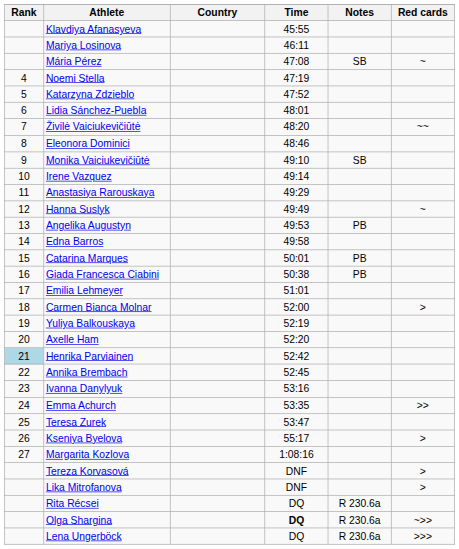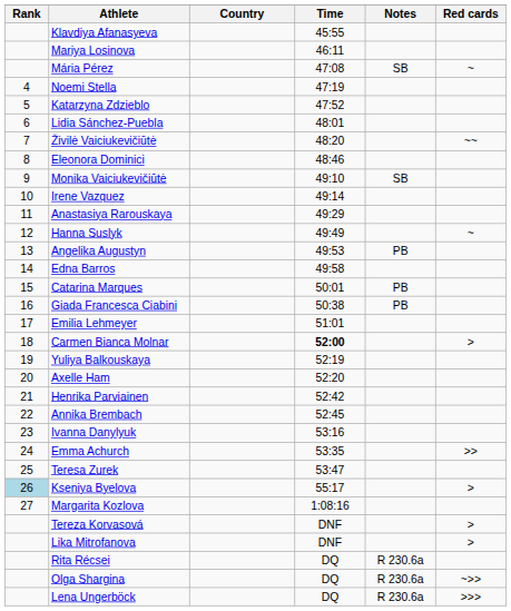 <table class="wikitable sortable" style=" text-align:center; font-size:95%;" width="75%">
 <tr>
 </tr>
 <tr>
 <th width=5%>Rank</th>
 <th width=20%>Athlete</th>
 <th width=15%>Country</th>
 <th width=10%>Time</th>
 <th width=10%>Notes</th>
 <th width=10%>Red cards</th>
 </tr>
 <tr>
 <td align=center></td>
 <td align=left><a href='#'>Klavdiya Afanasyeva</a></td>
 <td align=left></td>
 <td>45:55</td>
 <td></td>
 <td></td>
 </tr>
 <tr>
 <td align=center></td>
 <td align=left><a href='#'>Mariya Losinova</a></td>
 <td align=left></td>
 <td>46:11</td>
 <td></td>
 <td></td>
 </tr>
 <tr>
 <td align=center></td>
 <td align=left><a href='#'>Mária Pérez</a></td>
 <td align=left></td>
 <td>47:08</td>
 <td>SB</td>
 <td>~</td>
 </tr>
 <tr>
 <td align=center>4</td>
 <td align=left><a href='#'>Noemi Stella</a></td>
 <td align=left></td>
 <td>47:19</td>
 <td></td>
 <td></td>
 </tr>
 <tr>
 <td align=center>5</td>
 <td align=left><a href='#'>Katarzyna Zdzieblo</a></td>
 <td align=left></td>
 <td>47:52</td>
 <td></td>
 <td></td>
 </tr>
 <tr>
 <td align=center>6</td>
 <td align=left><a href='#'>Lidia Sánchez-Puebla</a></td>
 <td align=left></td>
 <td>48:01</td>
 <td></td>
 <td></td>
 </tr>
 <tr>
 <td align=center>7</td>
 <td align=left><a href='#'>Živilė Vaiciukevičiūtė</a></td>
 <td align=left></td>
 <td>48:20</td>
 <td></td>
 <td>~~</td>
 </tr>
 <tr>
 <td align=center>8</td>
 <td align=left><a href='#'>Eleonora Dominici</a></td>
 <td align=left></td>
 <td>48:46</td>
 <td></td>
 <td></td>
 </tr>
 <tr>
 <td align=center>9</td>
 <td align=left><a href='#'>Monika Vaiciukevičiūtė</a></td>
 <td align=left></td>
 <td>49:10</td>
 <td>SB</td>
 <td></td>
 </tr>
 <tr>
 <td align=center>10</td>
 <td align=left><a href='#'>Irene Vazquez</a></td>
 <td align=left></td>
 <td>49:14</td>
 <td></td>
 <td></td>
 </tr>
 <tr>
 <td align=center>11</td>
 <td align=left><a href='#'>Anastasiya Rarouskaya</a></td>
 <td align=left></td>
 <td>49:29</td>
 <td></td>
 <td></td>
 </tr>
 <tr>
 <td align=center>12</td>
 <td align=left><a href='#'>Hanna Suslyk</a></td>
 <td align=left></td>
 <td>49:49</td>
 <td></td>
 <td>~</td>
 </tr>
 <tr>
 <td align=center>13</td>
 <td align=left><a href='#'>Angelika Augustyn</a></td>
 <td align=left></td>
 <td>49:53</td>
 <td>PB</td>
 <td></td>
 </tr>
 <tr>
 <td align=center>14</td>
 <td align=left><a href='#'>Edna Barros</a></td>
 <td align=left></td>
 <td>49:58</td>
 <td></td>
 <td></td>
 </tr>
 <tr>
 <td align=center>15</td>
 <td align=left><a href='#'>Catarina Marques</a></td>
 <td align=left></td>
 <td>50:01</td>
 <td>PB</td>
 <td></td>
 </tr>
 <tr>
 <td align=center>16</td>
 <td align=left><a href='#'>Giada Francesca Ciabini</a></td>
 <td align=left></td>
 <td>50:38</td>
 <td>PB</td>
 <td></td>
 </tr>
 <tr>
 <td align=center>17</td>
 <td align=left><a href='#'>Emilia Lehmeyer</a></td>
 <td align=left></td>
 <td>51:01</td>
 <td></td>
 <td></td>
 </tr>
 <tr>
 <td align=center>18</td>
 <td align=left><a href='#'>Carmen Bianca Molnar</a></td>
 <td align=left></td>
-<td>52:00</td>
+<td><strong>52:00</strong></td>
 <td></td>
 <td>></td>
 </tr>
 <tr>
 <td align=center>19</td>
 <td align=left><a href='#'>Yuliya Balkouskaya</a></td>
 <td align=left></td>
 <td>52:19</td>
 <td></td>
 <td></td>
 </tr>
 <tr>
 <td align=center>20</td>
 <td align=left><a href='#'>Axelle Ham</a></td>
 <td align=left></td>
 <td>52:20</td>
 <td></td>
 <td></td>
 </tr>
 <tr>
-<td align=center style="background: lightblue;">21</td>
+<td align=center>21</td>
 <td align=left><a href='#'>Henrika Parviainen</a></td>
 <td align=left></td>
 <td>52:42</td>
 <td></td>
 <td></td>
 </tr>
 <tr>
 <td align=center>22</td>
 <td align=left><a href='#'>Annika Brembach</a></td>
 <td align=left></td>
 <td>52:45</td>
 <td></td>
 <td></td>
 </tr>
 <tr>
 <td align=center>23</td>
 <td align=left><a href='#'>Ivanna Danylyuk</a></td>
 <td align=left></td>
 <td>53:16</td>
 <td></td>
 <td></td>
 </tr>
 <tr>
 <td align=center>24</td>
 <td align=left><a href='#'>Emma Achurch</a></td>
 <td align=left></td>
 <td>53:35</td>
 <td></td>
 <td>>></td>
 </tr>
 <tr>
 <td align=center>25</td>
 <td align=left><a href='#'>Teresa Zurek</a></td>
 <td align=left></td>
 <td>53:47</td>
 <td></td>
 <td></td>
 </tr>
 <tr>
-<td align=center>26</td>
+<td align=center style="background: lightblue;">26</td>
 <td align=left><a href='#'>Kseniya Byelova</a></td>
 <td align=left></td>
 <td>55:17</td>
 <td></td>
 <td>></td>
 </tr>
 <tr>
 <td align=center>27</td>
 <td align=left><a href='#'>Margarita Kozlova</a></td>
 <td align=left></td>
 <td>1:08:16</td>
 <td></td>
 <td></td>
 </tr>
 <tr>
 <td align=center></td>
 <td align=left><a href='#'>Tereza Korvasová</a></td>
 <td align=left></td>
 <td>DNF</td>
 <td></td>
 <td>></td>
 </tr>
 <tr>
 <td align=center></td>
 <td align=left><a href='#'>Lika Mitrofanova</a></td>
 <td align=left></td>
 <td>DNF</td>
 <td></td>
 <td>></td>
 </tr>
 <tr>
 <td align=center></td>
 <td align=left><a href='#'>Rita Récsei</a></td>
 <td align=left></td>
 <td>DQ</td>
 <td>R 230.6a</td>
 <td></td>
 </tr>
 <tr>
 <td align=center></td>
 <td align=left><a href='#'>Olga Shargina</a></td>
 <td align=left></td>
-<td><strong>DQ</strong></td>
+<td>DQ</td>
 <td>R 230.6a</td>
 <td>~>></td>
 </tr>
 <tr>
 <td align=center></td>
 <td align=left><a href='#'>Lena Ungerböck</a></td>
 <td align=left></td>
 <td>DQ</td>
 <td>R 230.6a</td>
 <td>>>></td>
 </tr>
 </table>
